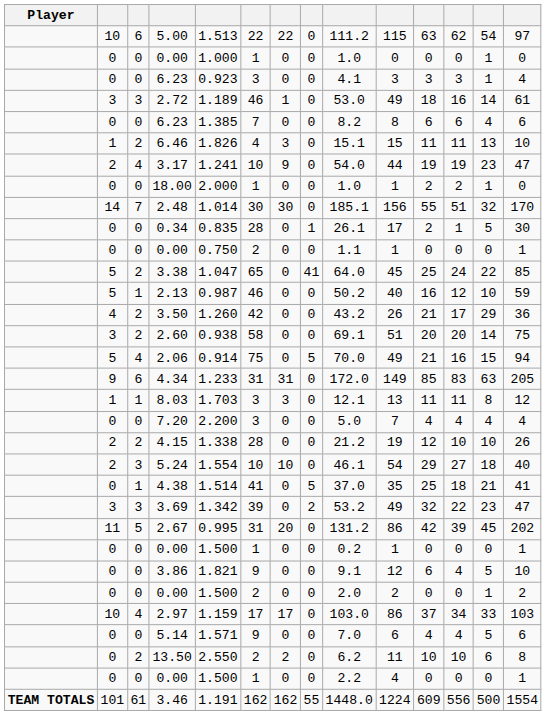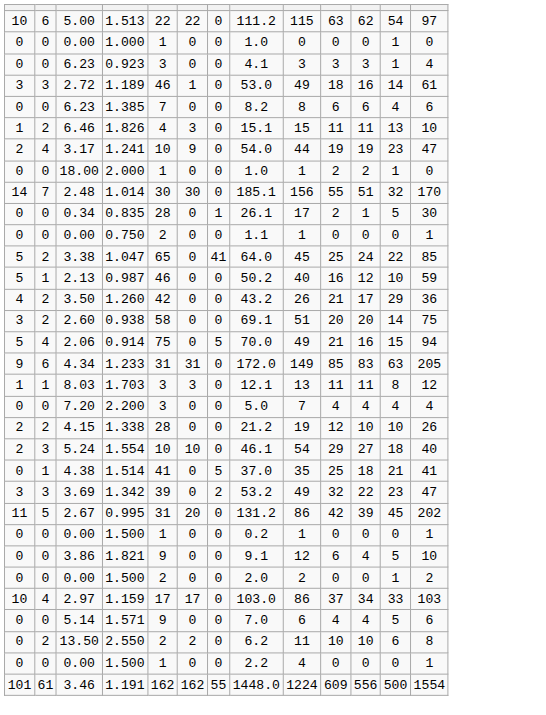 <table class="wikitable sortable" style="text-align:center;">
 <tr>
-<th>Player</th>
 <th></th>
 <th></th>
 <th></th>
 <th></th>
 <th></th>
 <th></th>
 <th></th>
 <th></th>
 <th></th>
 <th></th>
 <th></th>
 <th></th>
 <th></th>
 </tr>
 <tr>
-<td align=left><strong></strong></td>
 <td>10</td>
 <td>6</td>
 <td>5.00</td>
 <td>1.513</td>
 <td>22</td>
 <td>22</td>
 <td>0</td>
 <td>111.2</td>
 <td>115</td>
 <td>63</td>
 <td>62</td>
 <td>54</td>
 <td>97</td>
 </tr>
 <tr>
-<td align=left></td>
 <td>0</td>
 <td>0</td>
 <td>0.00</td>
 <td>1.000</td>
 <td>1</td>
 <td>0</td>
 <td>0</td>
 <td>1.0</td>
 <td>0</td>
 <td>0</td>
 <td>0</td>
 <td>1</td>
 <td>0</td>
 </tr>
 <tr>
-<td align="left"></td>
 <td>0</td>
 <td>0</td>
 <td>6.23</td>
 <td>0.923</td>
 <td>3</td>
 <td>0</td>
 <td>0</td>
 <td>4.1</td>
 <td>3</td>
 <td>3</td>
 <td>3</td>
 <td>1</td>
 <td>4</td>
 </tr>
 <tr>
-<td align="left"><strong></strong></td>
 <td>3</td>
 <td>3</td>
 <td>2.72</td>
 <td>1.189</td>
 <td>46</td>
 <td>1</td>
 <td>0</td>
 <td>53.0</td>
 <td>49</td>
 <td>18</td>
 <td>16</td>
 <td>14</td>
 <td>61</td>
 </tr>
 <tr>
-<td align=left></td>
 <td>0</td>
 <td>0</td>
 <td>6.23</td>
 <td>1.385</td>
 <td>7</td>
 <td>0</td>
 <td>0</td>
 <td>8.2</td>
 <td>8</td>
 <td>6</td>
 <td>6</td>
 <td>4</td>
 <td>6</td>
 </tr>
 <tr>
-<td align=left></td>
 <td>1</td>
 <td>2</td>
 <td>6.46</td>
 <td>1.826</td>
 <td>4</td>
 <td>3</td>
 <td>0</td>
 <td>15.1</td>
 <td>15</td>
 <td>11</td>
 <td>11</td>
 <td>13</td>
 <td>10</td>
 </tr>
 <tr>
-<td align=left><strong></strong></td>
 <td>2</td>
 <td>4</td>
 <td>3.17</td>
 <td>1.241</td>
 <td>10</td>
 <td>9</td>
 <td>0</td>
 <td>54.0</td>
 <td>44</td>
 <td>19</td>
 <td>19</td>
 <td>23</td>
 <td>47</td>
 </tr>
 <tr>
-<td align=left></td>
 <td>0</td>
 <td>0</td>
 <td>18.00</td>
 <td>2.000</td>
 <td>1</td>
 <td>0</td>
 <td>0</td>
 <td>1.0</td>
 <td>1</td>
 <td>2</td>
 <td>2</td>
 <td>1</td>
 <td>0</td>
 </tr>
 <tr>
-<td align=left><strong></strong></td>
 <td>14</td>
 <td>7</td>
 <td>2.48</td>
 <td>1.014</td>
 <td>30</td>
 <td>30</td>
 <td>0</td>
 <td>185.1</td>
 <td>156</td>
 <td>55</td>
 <td>51</td>
 <td>32</td>
 <td>170</td>
 </tr>
 <tr>
-<td align=left><strong></strong></td>
 <td>0</td>
 <td>0</td>
 <td>0.34</td>
 <td>0.835</td>
 <td>28</td>
 <td>0</td>
 <td>1</td>
 <td>26.1</td>
 <td>17</td>
 <td>2</td>
 <td>1</td>
 <td>5</td>
 <td>30</td>
 </tr>
 <tr>
-<td align=left></td>
 <td>0</td>
 <td>0</td>
 <td>0.00</td>
 <td>0.750</td>
 <td>2</td>
 <td>0</td>
 <td>0</td>
 <td>1.1</td>
 <td>1</td>
 <td>0</td>
 <td>0</td>
 <td>0</td>
 <td>1</td>
 </tr>
 <tr>
-<td align="left"><strong></strong></td>
 <td>5</td>
 <td>2</td>
 <td>3.38</td>
 <td>1.047</td>
 <td>65</td>
 <td>0</td>
 <td>41</td>
 <td>64.0</td>
 <td>45</td>
 <td>25</td>
 <td>24</td>
 <td>22</td>
 <td>85</td>
 </tr>
 <tr>
-<td align="left"><strong></strong></td>
 <td>5</td>
 <td>1</td>
 <td>2.13</td>
 <td>0.987</td>
 <td>46</td>
 <td>0</td>
 <td>0</td>
 <td>50.2</td>
 <td>40</td>
 <td>16</td>
 <td>12</td>
 <td>10</td>
 <td>59</td>
 </tr>
 <tr>
-<td align="left"><strong></strong></td>
 <td>4</td>
 <td>2</td>
 <td>3.50</td>
 <td>1.260</td>
 <td>42</td>
 <td>0</td>
 <td>0</td>
 <td>43.2</td>
 <td>26</td>
 <td>21</td>
 <td>17</td>
 <td>29</td>
 <td>36</td>
 </tr>
 <tr>
-<td align="left"><strong></strong></td>
 <td>3</td>
 <td>2</td>
 <td>2.60</td>
 <td>0.938</td>
 <td>58</td>
 <td>0</td>
 <td>0</td>
 <td>69.1</td>
 <td>51</td>
 <td>20</td>
 <td>20</td>
 <td>14</td>
 <td>75</td>
 </tr>
 <tr>
-<td align="left"><strong></strong></td>
 <td>5</td>
 <td>4</td>
 <td>2.06</td>
 <td>0.914</td>
 <td>75</td>
 <td>0</td>
 <td>5</td>
 <td>70.0</td>
 <td>49</td>
 <td>21</td>
 <td>16</td>
 <td>15</td>
 <td>94</td>
 </tr>
 <tr>
-<td align="left"><strong></strong></td>
 <td>9</td>
 <td>6</td>
 <td>4.34</td>
 <td>1.233</td>
 <td>31</td>
 <td>31</td>
 <td>0</td>
 <td>172.0</td>
 <td>149</td>
 <td>85</td>
 <td>83</td>
 <td>63</td>
 <td>205</td>
 </tr>
 <tr>
-<td align="left"></td>
 <td>1</td>
 <td>1</td>
 <td>8.03</td>
 <td>1.703</td>
 <td>3</td>
 <td>3</td>
 <td>0</td>
 <td>12.1</td>
 <td>13</td>
 <td>11</td>
 <td>11</td>
 <td>8</td>
 <td>12</td>
 </tr>
 <tr>
-<td align=left></td>
 <td>0</td>
 <td>0</td>
 <td>7.20</td>
 <td>2.200</td>
 <td>3</td>
 <td>0</td>
 <td>0</td>
 <td>5.0</td>
 <td>7</td>
 <td>4</td>
 <td>4</td>
 <td>4</td>
 <td>4</td>
 </tr>
 <tr>
-<td align=left></td>
 <td>2</td>
 <td>2</td>
 <td>4.15</td>
 <td>1.338</td>
 <td>28</td>
 <td>0</td>
 <td>0</td>
 <td>21.2</td>
 <td>19</td>
 <td>12</td>
 <td>10</td>
 <td>10</td>
 <td>26</td>
 </tr>
 <tr>
-<td align=left><strong></strong></td>
 <td>2</td>
 <td>3</td>
 <td>5.24</td>
 <td>1.554</td>
 <td>10</td>
 <td>10</td>
 <td>0</td>
 <td>46.1</td>
 <td>54</td>
 <td>29</td>
 <td>27</td>
 <td>18</td>
 <td>40</td>
 </tr>
 <tr>
-<td align="left"><strong></strong></td>
 <td>0</td>
 <td>1</td>
 <td>4.38</td>
 <td>1.514</td>
 <td>41</td>
 <td>0</td>
 <td>5</td>
 <td>37.0</td>
 <td>35</td>
 <td>25</td>
 <td>18</td>
 <td>21</td>
 <td>41</td>
 </tr>
 <tr>
-<td align="left"><strong></strong></td>
 <td>3</td>
 <td>3</td>
 <td>3.69</td>
 <td>1.342</td>
 <td>39</td>
 <td>0</td>
 <td>2</td>
 <td>53.2</td>
 <td>49</td>
 <td>32</td>
 <td>22</td>
 <td>23</td>
 <td>47</td>
 </tr>
 <tr>
-<td align="left"><strong></strong></td>
 <td>11</td>
 <td>5</td>
 <td>2.67</td>
 <td>0.995</td>
 <td>31</td>
 <td>20</td>
 <td>0</td>
 <td>131.2</td>
 <td>86</td>
 <td>42</td>
 <td>39</td>
 <td>45</td>
 <td>202</td>
 </tr>
 <tr>
-<td align=left></td>
 <td>0</td>
 <td>0</td>
 <td>0.00</td>
 <td>1.500</td>
 <td>1</td>
 <td>0</td>
 <td>0</td>
 <td>0.2</td>
 <td>1</td>
 <td>0</td>
 <td>0</td>
 <td>0</td>
 <td>1</td>
 </tr>
 <tr>
-<td align=left></td>
 <td>0</td>
 <td>0</td>
 <td>3.86</td>
 <td>1.821</td>
 <td>9</td>
 <td>0</td>
 <td>0</td>
 <td>9.1</td>
 <td>12</td>
 <td>6</td>
 <td>4</td>
 <td>5</td>
 <td>10</td>
 </tr>
 <tr>
-<td align=left></td>
 <td>0</td>
 <td>0</td>
 <td>0.00</td>
 <td>1.500</td>
 <td>2</td>
 <td>0</td>
 <td>0</td>
 <td>2.0</td>
 <td>2</td>
 <td>0</td>
 <td>0</td>
 <td>1</td>
 <td>2</td>
 </tr>
 <tr>
-<td align=left><strong></strong></td>
 <td>10</td>
 <td>4</td>
 <td>2.97</td>
 <td>1.159</td>
 <td>17</td>
 <td>17</td>
 <td>0</td>
 <td>103.0</td>
 <td>86</td>
 <td>37</td>
 <td>34</td>
 <td>33</td>
 <td>103</td>
 </tr>
 <tr>
-<td align=left><strong></strong></td>
 <td>0</td>
 <td>0</td>
 <td>5.14</td>
 <td>1.571</td>
 <td>9</td>
 <td>0</td>
 <td>0</td>
 <td>7.0</td>
 <td>6</td>
 <td>4</td>
 <td>4</td>
 <td>5</td>
 <td>6</td>
 </tr>
 <tr>
-<td align="left"></td>
 <td>0</td>
 <td>2</td>
 <td>13.50</td>
 <td>2.550</td>
 <td>2</td>
 <td>2</td>
 <td>0</td>
 <td>6.2</td>
 <td>11</td>
 <td>10</td>
 <td>10</td>
 <td>6</td>
 <td>8</td>
 </tr>
 <tr>
-<td align=left></td>
 <td>0</td>
 <td>0</td>
 <td>0.00</td>
 <td>1.500</td>
 <td>1</td>
 <td>0</td>
 <td>0</td>
 <td>2.2</td>
 <td>4</td>
 <td>0</td>
 <td>0</td>
 <td>0</td>
 <td>1</td>
 </tr>
 <tr class="sortbottom">
-<td align="left"><strong>TEAM TOTALS</strong></td>
 <td>101</td>
 <td>61</td>
 <td>3.46</td>
 <td>1.191</td>
 <td>162</td>
 <td>162</td>
 <td>55</td>
 <td>1448.0</td>
 <td>1224</td>
 <td>609</td>
 <td>556</td>
 <td>500</td>
 <td>1554</td>
 </tr>
 </table>
